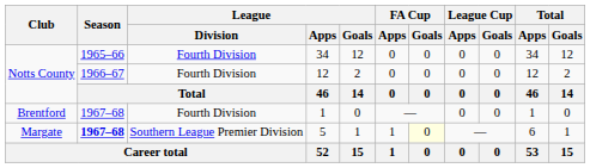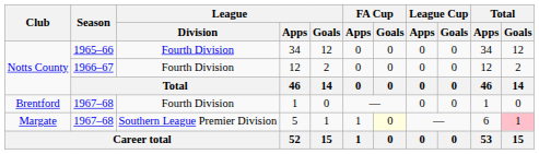 <table class="wikitable" style="text-align: center;">
 <tr>
 <th rowspan="2">Club</th>
 <th rowspan="2">Season</th>
 <th colspan="3">League</th>
 <th colspan="2">FA Cup</th>
 <th colspan="2">League Cup</th>
 <th colspan="2">Total</th>
 </tr>
 <tr>
 <th>Division</th>
 <th>Apps</th>
 <th>Goals</th>
 <th>Apps</th>
 <th>Goals</th>
 <th>Apps</th>
 <th>Goals</th>
 <th>Apps</th>
 <th>Goals</th>
 </tr>
 <tr>
 <td rowspan="3"><a href='#'>Notts County</a></td>
 <td><a href='#'>1965–66</a></td>
 <td><a href='#'>Fourth Division</a></td>
 <td>34</td>
 <td>12</td>
 <td>0</td>
 <td>0</td>
 <td>0</td>
 <td>0</td>
 <td>34</td>
 <td>12</td>
 </tr>
 <tr>
 <td><a href='#'>1966–67</a></td>
 <td>Fourth Division</td>
 <td>12</td>
 <td>2</td>
 <td>0</td>
 <td>0</td>
 <td>0</td>
 <td>0</td>
 <td>12</td>
 <td>2</td>
 </tr>
 <tr>
 <th colspan="2">Total</th>
 <th>46</th>
 <th>14</th>
 <th>0</th>
 <th>0</th>
 <th>0</th>
 <th>0</th>
 <th>46</th>
 <th>14</th>
 </tr>
 <tr>
 <td><a href='#'>Brentford</a></td>
 <td><a href='#'>1967–68</a></td>
 <td>Fourth Division</td>
 <td>1</td>
 <td>0</td>
 <td colspan="2">—</td>
 <td>0</td>
 <td>0</td>
 <td>1</td>
 <td>0</td>
 </tr>
 <tr>
 <td><a href='#'>Margate</a></td>
-<td><strong><a href='#'>1967–68</a></strong></td>
+<td><a href='#'>1967–68</a></td>
 <td><a href='#'>Southern League</a> Premier Division</td>
 <td>5</td>
 <td>1</td>
 <td>1</td>
 <td style="background: lightyellow;">0</td>
 <td colspan="2">—</td>
 <td>6</td>
-<td>1</td>
+<td style="background: pink;">1</td>
 </tr>
 <tr>
 <th colspan="3">Career total</th>
 <th>52</th>
 <th>15</th>
 <th>1</th>
 <th>0</th>
 <th>0</th>
 <th>0</th>
 <th>53</th>
 <th>15</th>
 </tr>
 </table>
